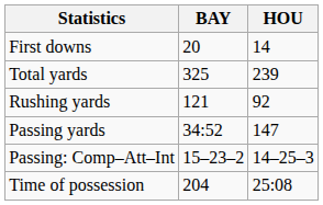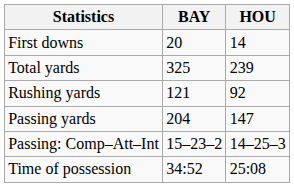 <table class="wikitable" style="float: left;">
 <tr>
 <th>Statistics</th>
 <th>BAY</th>
 <th>HOU</th>
 </tr>
 <tr>
 <td>First downs</td>
 <td>20</td>
 <td>14</td>
 </tr>
 <tr>
 <td>Total yards</td>
 <td>325</td>
 <td>239</td>
 </tr>
 <tr>
 <td>Rushing yards</td>
 <td>121</td>
 <td>92</td>
 </tr>
 <tr>
 <td>Passing yards</td>
-<td>34:52</td>
+<td>204</td>
 <td>147</td>
 </tr>
 <tr>
 <td>Passing: Comp–Att–Int</td>
 <td>15–23–2</td>
 <td>14–25–3</td>
 </tr>
 <tr>
 <td>Time of possession</td>
-<td>204</td>
+<td>34:52</td>
 <td>25:08</td>
 </tr>
 </table>
